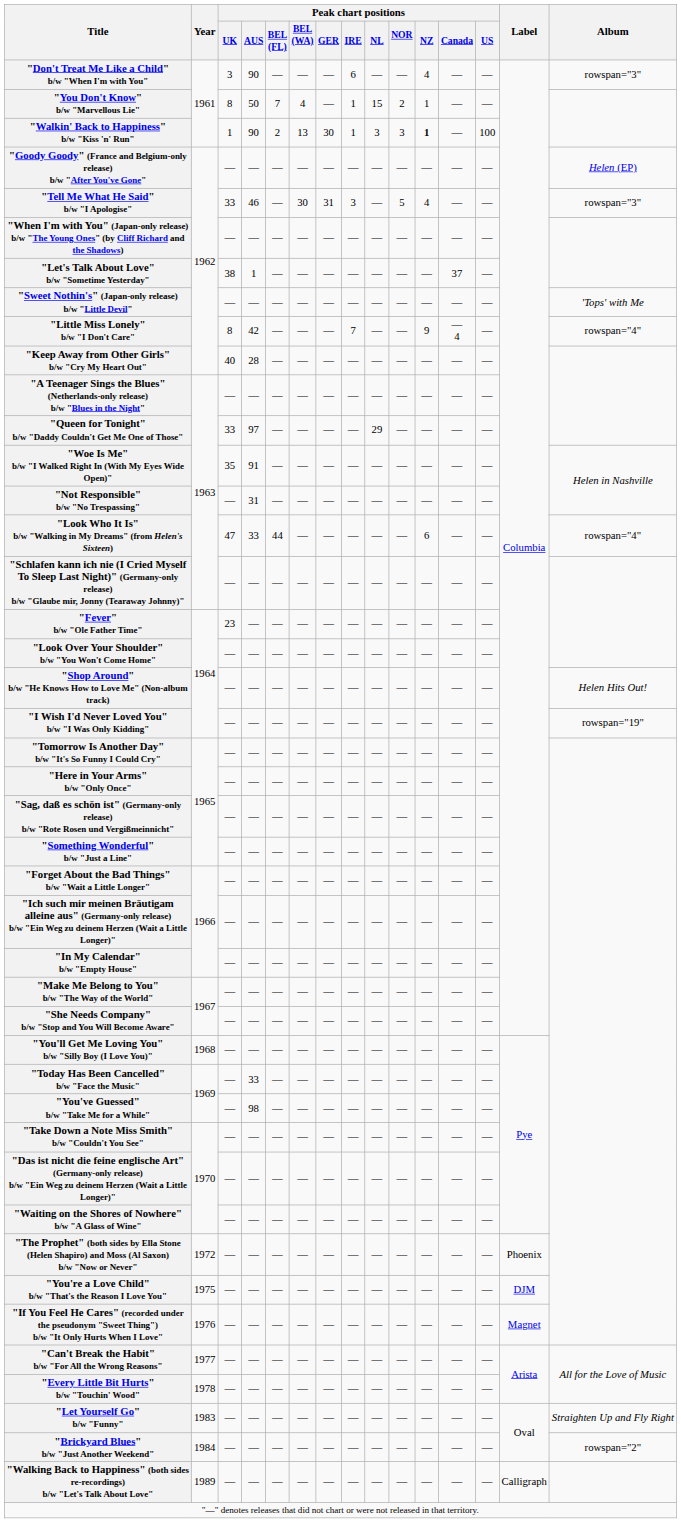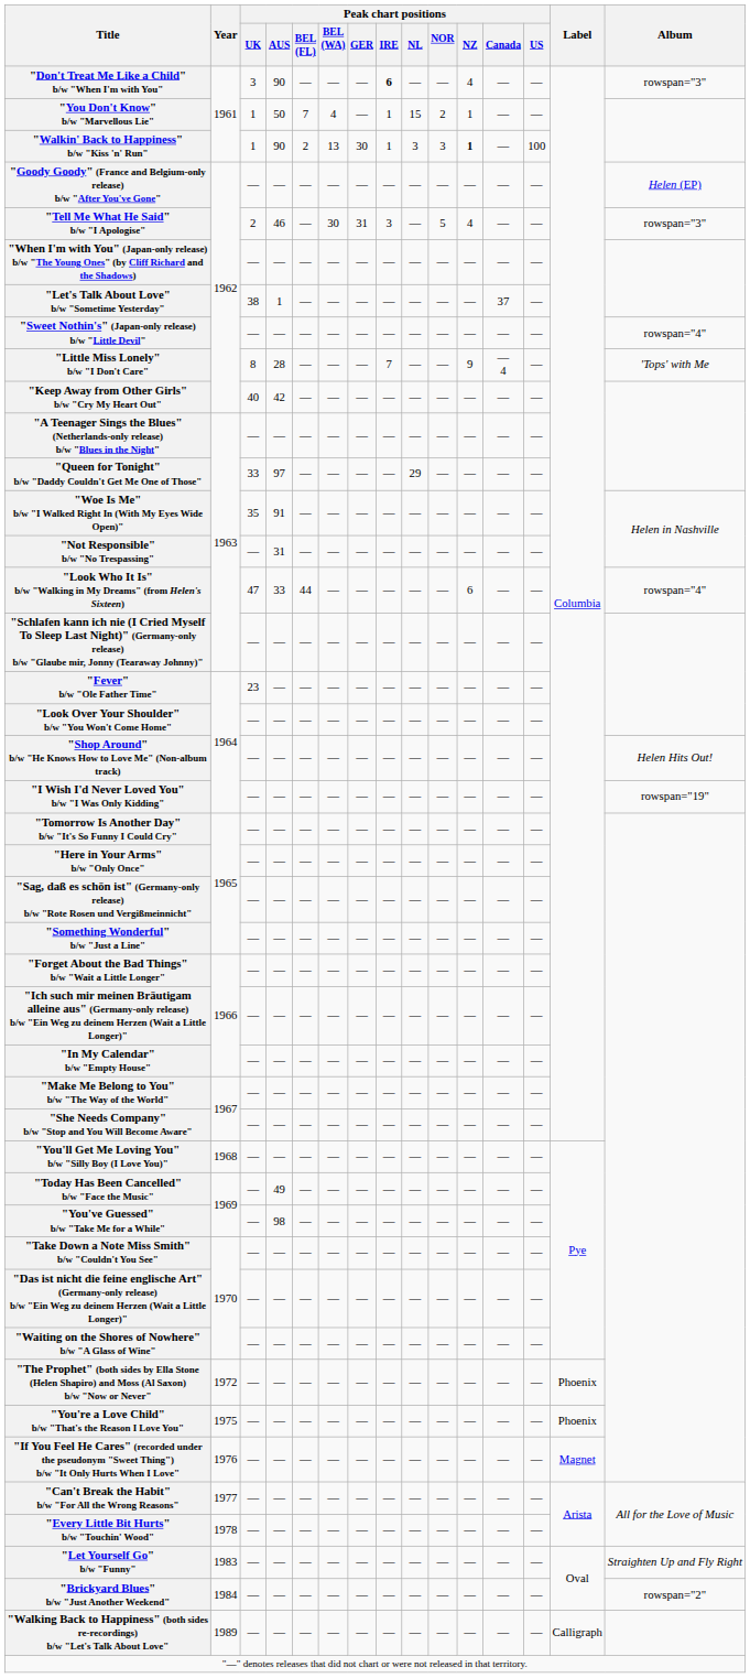 <table class="wikitable plainrowheaders" style="text-align:center;">
 <tr>
 <th scope="col" rowspan="2" style="width:17em;">Title</th>
 <th scope="col" rowspan="2" style="width:2em;">Year</th>
 <th colspan="11">Peak chart positions</th>
 <th rowspan="2">Label</th>
 <th rowspan="2">Album</th>
 </tr>
 <tr>
 <th scope="col" style="width:2em;font-size:90%;"><a href='#'>UK</a><br></th>
 <th scope="col" style="width:2em;font-size:90%;"><a href='#'>AUS</a><br></th>
 <th scope="col" style="width:2em;font-size:90%;"><a href='#'>BEL (FL)</a><br></th>
 <th scope="col" style="width:2em;font-size:90%;"><a href='#'>BEL (WA)</a><br><br></th>
 <th scope="col" style="width:2em;font-size:90%;"><a href='#'>GER</a><br></th>
 <th scope="col" style="width:2em;font-size:90%;"><a href='#'>IRE</a><br></th>
 <th scope="col" style="width:2em;font-size:90%;"><a href='#'>NL</a><br></th>
 <th scope="col" style="width:2em;font-size:90%;"><a href='#'>NOR</a><br><br></th>
 <th scope="col" style="width:2em;font-size:90%;"><a href='#'>NZ</a><br></th>
 <th scope="col" style="width:2em;font-size:90%;"><a href='#'>Canada</a><br></th>
 <th scope="col" style="width:2em;font-size:90%;"><a href='#'>US</a><br></th>
 </tr>
 <tr>
 <th scope="row">"<a href='#'>Don't Treat Me Like a Child</a>"<br><small>b/w "When I'm with You"</small></th>
 <td rowspan="3">1961</td>
 <td>3</td>
 <td>90</td>
 <td>—</td>
 <td>—</td>
 <td>—</td>
-<td>6</td>
+<td><strong>6</strong></td>
 <td>—</td>
 <td>—</td>
 <td>4</td>
 <td>—</td>
 <td>—</td>
 <td rowspan="29"><a href='#'>Columbia</a></td>
 <td>rowspan="3" </td>
 </tr>
 <tr>
 <th scope="row">"<a href='#'>You Don't Know</a>"<br><small>b/w "Marvellous Lie"</small></th>
-<td>8</td>
+<td>1</td>
 <td>50</td>
 <td>7</td>
 <td>4</td>
 <td>—</td>
 <td>1</td>
 <td>15</td>
 <td>2</td>
 <td>1</td>
 <td>—</td>
 <td>—</td>
 </tr>
 <tr>
 <th scope="row">"<a href='#'>Walkin' Back to Happiness</a>"<br><small>b/w "Kiss 'n' Run"</small></th>
 <td>1</td>
 <td>90</td>
 <td>2</td>
 <td>13</td>
 <td>30</td>
 <td>1</td>
 <td>3</td>
 <td>3</td>
 <td><strong>1</strong></td>
 <td>—</td>
 <td>100</td>
 </tr>
 <tr>
 <th scope="row">"<a href='#'>Goody Goody</a>" <small>(France and Belgium-only release)</small><br><small>b/w "<a href='#'>After You've Gone</a>"</small></th>
 <td rowspan="7">1962</td>
 <td>—</td>
 <td>—</td>
 <td>—</td>
 <td>—</td>
 <td>—</td>
 <td>—</td>
 <td>—</td>
 <td>—</td>
 <td>—</td>
 <td>—</td>
 <td>—</td>
 <td><a href='#'><em>Helen</em> (EP)</a></td>
 </tr>
 <tr>
 <th scope="row">"<a href='#'>Tell Me What He Said</a>"<br><small>b/w "I Apologise"</small></th>
-<td>33</td>
+<td>2</td>
 <td>46</td>
 <td>—</td>
 <td>30</td>
 <td>31</td>
 <td>3</td>
 <td>—</td>
 <td>5</td>
 <td>4</td>
 <td>—</td>
 <td>—</td>
 <td>rowspan="3" </td>
 </tr>
 <tr>
 <th scope="row">"When I'm with You" <small>(Japan-only release)</small><br><small>b/w "<a href='#'>The Young Ones</a>" (by <a href='#'>Cliff Richard</a> and <a href='#'>the Shadows</a>)</small></th>
 <td>—</td>
 <td>—</td>
 <td>—</td>
 <td>—</td>
 <td>—</td>
 <td>—</td>
 <td>—</td>
 <td>—</td>
 <td>—</td>
 <td>—</td>
 <td>—</td>
 </tr>
 <tr>
 <th scope="row">"Let's Talk About Love"<br><small>b/w "Sometime Yesterday"</small></th>
 <td>38</td>
 <td>1</td>
 <td>—</td>
 <td>—</td>
 <td>—</td>
 <td>—</td>
 <td>—</td>
 <td>—</td>
 <td>—</td>
 <td>37</td>
 <td>—</td>
 </tr>
 <tr>
 <th scope="row">"<a href='#'>Sweet Nothin's</a>" <small>(Japan-only release)</small><br><small>b/w "<a href='#'>Little Devil</a>"</small></th>
 <td>—</td>
 <td>—</td>
 <td>—</td>
 <td>—</td>
 <td>—</td>
 <td>—</td>
 <td>—</td>
 <td>—</td>
 <td>—</td>
 <td>—</td>
 <td>—</td>
-<td><em>'Tops' with Me</em></td>
+<td>rowspan="4" </td>
 </tr>
 <tr>
 <th scope="row">"Little Miss Lonely"<br><small>b/w "I Don't Care"</small></th>
 <td>8</td>
-<td>42</td>
+<td>28</td>
 <td>—</td>
 <td>—</td>
 <td>—</td>
 <td>7</td>
 <td>—</td>
 <td>—</td>
 <td>9</td>
 <td>—<br>4</td>
 <td>—</td>
-<td>rowspan="4" </td>
+<td><em>'Tops' with Me</em></td>
 </tr>
 <tr>
 <th scope="row">"Keep Away from Other Girls"<br><small>b/w "Cry My Heart Out"</small></th>
 <td>40</td>
-<td>28</td>
+<td>42</td>
 <td>—</td>
 <td>—</td>
 <td>—</td>
 <td>—</td>
 <td>—</td>
 <td>—</td>
 <td>—</td>
 <td>—</td>
 <td>—</td>
 </tr>
 <tr>
 <th scope="row">"A Teenager Sings the Blues" <small>(Netherlands-only release)</small><br><small>b/w "<a href='#'>Blues in the Night</a>"</small></th>
 <td rowspan="6">1963</td>
 <td>—</td>
 <td>—</td>
 <td>—</td>
 <td>—</td>
 <td>—</td>
 <td>—</td>
 <td>—</td>
 <td>—</td>
 <td>—</td>
 <td>—</td>
 <td>—</td>
 </tr>
 <tr>
 <th scope="row">"Queen for Tonight"<br><small>b/w "Daddy Couldn't Get Me One of Those"</small></th>
 <td>33</td>
 <td>97</td>
 <td>—</td>
 <td>—</td>
 <td>—</td>
 <td>—</td>
 <td>29</td>
 <td>—</td>
 <td>—</td>
 <td>—</td>
 <td>—</td>
 </tr>
 <tr>
 <th scope="row">"Woe Is Me"<br><small>b/w "I Walked Right In (With My Eyes Wide Open)"</small></th>
 <td>35</td>
 <td>91</td>
 <td>—</td>
 <td>—</td>
 <td>—</td>
 <td>—</td>
 <td>—</td>
 <td>—</td>
 <td>—</td>
 <td>—</td>
 <td>—</td>
 <td rowspan="2"><em>Helen in Nashville</em></td>
 </tr>
 <tr>
 <th scope="row">"Not Responsible"<br><small>b/w "No Trespassing"</small></th>
 <td>—</td>
 <td>31</td>
 <td>—</td>
 <td>—</td>
 <td>—</td>
 <td>—</td>
 <td>—</td>
 <td>—</td>
 <td>—</td>
 <td>—</td>
 <td>—</td>
 </tr>
 <tr>
 <th scope="row">"Look Who It Is"<br><small>b/w "Walking in My Dreams" (from <em>Helen's Sixteen</em>)</small></th>
 <td>47</td>
 <td>33</td>
 <td>44</td>
 <td>—</td>
 <td>—</td>
 <td>—</td>
 <td>—</td>
 <td>—</td>
 <td>6</td>
 <td>—</td>
 <td>—</td>
 <td>rowspan="4" </td>
 </tr>
 <tr>
 <th scope="row">"Schlafen kann ich nie (I Cried Myself To Sleep Last Night)" <small>(Germany-only release)</small><br><small>b/w "Glaube mir, Jonny (Tearaway Johnny)"</small></th>
 <td>—</td>
 <td>—</td>
 <td>—</td>
 <td>—</td>
 <td>—</td>
 <td>—</td>
 <td>—</td>
 <td>—</td>
 <td>—</td>
 <td>—</td>
 <td>—</td>
 </tr>
 <tr>
 <th scope="row">"<a href='#'>Fever</a>"<br><small>b/w "Ole Father Time"</small></th>
 <td rowspan="4">1964</td>
 <td>23</td>
 <td>—</td>
 <td>—</td>
 <td>—</td>
 <td>—</td>
 <td>—</td>
 <td>—</td>
 <td>—</td>
 <td>—</td>
 <td>—</td>
 <td>—</td>
 </tr>
 <tr>
 <th scope="row">"Look Over Your Shoulder"<br><small>b/w "You Won't Come Home"</small></th>
 <td>—</td>
 <td>—</td>
 <td>—</td>
 <td>—</td>
 <td>—</td>
 <td>—</td>
 <td>—</td>
 <td>—</td>
 <td>—</td>
 <td>—</td>
 <td>—</td>
 </tr>
 <tr>
 <th scope="row">"<a href='#'>Shop Around</a>"<br><small>b/w "He Knows How to Love Me" (Non-album track)</small></th>
 <td>—</td>
 <td>—</td>
 <td>—</td>
 <td>—</td>
 <td>—</td>
 <td>—</td>
 <td>—</td>
 <td>—</td>
 <td>—</td>
 <td>—</td>
 <td>—</td>
 <td><em>Helen Hits Out!</em></td>
 </tr>
 <tr>
 <th scope="row">"I Wish I'd Never Loved You"<br><small>b/w "I Was Only Kidding"</small></th>
 <td>—</td>
 <td>—</td>
 <td>—</td>
 <td>—</td>
 <td>—</td>
 <td>—</td>
 <td>—</td>
 <td>—</td>
 <td>—</td>
 <td>—</td>
 <td>—</td>
 <td>rowspan="19" </td>
 </tr>
 <tr>
 <th scope="row">"Tomorrow Is Another Day"<br><small>b/w "It's So Funny I Could Cry"</small></th>
 <td rowspan="4">1965</td>
 <td>—</td>
 <td>—</td>
 <td>—</td>
 <td>—</td>
 <td>—</td>
 <td>—</td>
 <td>—</td>
 <td>—</td>
 <td>—</td>
 <td>—</td>
 <td>—</td>
 </tr>
 <tr>
 <th scope="row">"Here in Your Arms"<br><small>b/w "Only Once"</small></th>
 <td>—</td>
 <td>—</td>
 <td>—</td>
 <td>—</td>
 <td>—</td>
 <td>—</td>
 <td>—</td>
 <td>—</td>
 <td>—</td>
 <td>—</td>
 <td>—</td>
 </tr>
 <tr>
 <th scope="row">"Sag, daß es schön ist" <small>(Germany-only release)</small><br><small>b/w "Rote Rosen und Vergißmeinnicht"</small></th>
 <td>—</td>
 <td>—</td>
 <td>—</td>
 <td>—</td>
 <td>—</td>
 <td>—</td>
 <td>—</td>
 <td>—</td>
 <td>—</td>
 <td>—</td>
 <td>—</td>
 </tr>
 <tr>
 <th scope="row">"<a href='#'>Something Wonderful</a>"<br><small>b/w "Just a Line"</small></th>
 <td>—</td>
 <td>—</td>
 <td>—</td>
 <td>—</td>
 <td>—</td>
 <td>—</td>
 <td>—</td>
 <td>—</td>
 <td>—</td>
 <td>—</td>
 <td>—</td>
 </tr>
 <tr>
 <th scope="row">"Forget About the Bad Things"<br><small>b/w "Wait a Little Longer"</small></th>
 <td rowspan="3">1966</td>
 <td>—</td>
 <td>—</td>
 <td>—</td>
 <td>—</td>
 <td>—</td>
 <td>—</td>
 <td>—</td>
 <td>—</td>
 <td>—</td>
 <td>—</td>
 <td>—</td>
 </tr>
 <tr>
 <th scope="row">"Ich such mir meinen Bräutigam alleine aus" <small>(Germany-only release)</small><br><small>b/w "Ein Weg zu deinem Herzen (Wait a Little Longer)"</small></th>
 <td>—</td>
 <td>—</td>
 <td>—</td>
 <td>—</td>
 <td>—</td>
 <td>—</td>
 <td>—</td>
 <td>—</td>
 <td>—</td>
 <td>—</td>
 <td>—</td>
 </tr>
 <tr>
 <th scope="row">"In My Calendar"<br><small>b/w "Empty House"</small></th>
 <td>—</td>
 <td>—</td>
 <td>—</td>
 <td>—</td>
 <td>—</td>
 <td>—</td>
 <td>—</td>
 <td>—</td>
 <td>—</td>
 <td>—</td>
 <td>—</td>
 </tr>
 <tr>
 <th scope="row">"Make Me Belong to You"<br><small>b/w "The Way of the World"</small></th>
 <td rowspan="2">1967</td>
 <td>—</td>
 <td>—</td>
 <td>—</td>
 <td>—</td>
 <td>—</td>
 <td>—</td>
 <td>—</td>
 <td>—</td>
 <td>—</td>
 <td>—</td>
 <td>—</td>
 </tr>
 <tr>
 <th scope="row">"She Needs Company"<br><small>b/w "Stop and You Will Become Aware"</small></th>
 <td>—</td>
 <td>—</td>
 <td>—</td>
 <td>—</td>
 <td>—</td>
 <td>—</td>
 <td>—</td>
 <td>—</td>
 <td>—</td>
 <td>—</td>
 <td>—</td>
 </tr>
 <tr>
 <th scope="row">"You'll Get Me Loving You"<br><small>b/w "Silly Boy (I Love You)"</small></th>
 <td>1968</td>
 <td>—</td>
 <td>—</td>
 <td>—</td>
 <td>—</td>
 <td>—</td>
 <td>—</td>
 <td>—</td>
 <td>—</td>
 <td>—</td>
 <td>—</td>
 <td>—</td>
 <td rowspan="6"><a href='#'>Pye</a></td>
 </tr>
 <tr>
 <th scope="row">"Today Has Been Cancelled"<br><small>b/w "Face the Music"</small></th>
 <td rowspan="2">1969</td>
 <td>—</td>
-<td>33</td>
+<td>49</td>
 <td>—</td>
 <td>—</td>
 <td>—</td>
 <td>—</td>
 <td>—</td>
 <td>—</td>
 <td>—</td>
 <td>—</td>
 <td>—</td>
 </tr>
 <tr>
 <th scope="row">"You've Guessed"<br><small>b/w "Take Me for a While"</small></th>
 <td>—</td>
 <td>98</td>
 <td>—</td>
 <td>—</td>
 <td>—</td>
 <td>—</td>
 <td>—</td>
 <td>—</td>
 <td>—</td>
 <td>—</td>
 <td>—</td>
 </tr>
 <tr>
 <th scope="row">"Take Down a Note Miss Smith"<br><small>b/w "Couldn't You See"</small></th>
 <td rowspan="3">1970</td>
 <td>—</td>
 <td>—</td>
 <td>—</td>
 <td>—</td>
 <td>—</td>
 <td>—</td>
 <td>—</td>
 <td>—</td>
 <td>—</td>
 <td>—</td>
 <td>—</td>
 </tr>
 <tr>
 <th scope="row">"Das ist nicht die feine englische Art" <small>(Germany-only release)</small><br><small>b/w "Ein Weg zu deinem Herzen (Wait a Little Longer)"</small></th>
 <td>—</td>
 <td>—</td>
 <td>—</td>
 <td>—</td>
 <td>—</td>
 <td>—</td>
 <td>—</td>
 <td>—</td>
 <td>—</td>
 <td>—</td>
 <td>—</td>
 </tr>
 <tr>
 <th scope="row">"Waiting on the Shores of Nowhere"<br><small>b/w "A Glass of Wine"</small></th>
 <td>—</td>
 <td>—</td>
 <td>—</td>
 <td>—</td>
 <td>—</td>
 <td>—</td>
 <td>—</td>
 <td>—</td>
 <td>—</td>
 <td>—</td>
 <td>—</td>
 </tr>
 <tr>
 <th scope="row">"The Prophet" <small>(both sides by Ella Stone (Helen Shapiro) and Moss (Al Saxon)</small><br><small>b/w "Now or Never"</small></th>
 <td>1972</td>
 <td>—</td>
 <td>—</td>
 <td>—</td>
 <td>—</td>
 <td>—</td>
 <td>—</td>
 <td>—</td>
 <td>—</td>
 <td>—</td>
 <td>—</td>
 <td>—</td>
 <td>Phoenix</td>
 </tr>
 <tr>
 <th scope="row">"You're a Love Child"<br><small>b/w "That's the Reason I Love You"</small></th>
 <td>1975</td>
 <td>—</td>
 <td>—</td>
 <td>—</td>
 <td>—</td>
 <td>—</td>
 <td>—</td>
 <td>—</td>
 <td>—</td>
 <td>—</td>
 <td>—</td>
 <td>—</td>
-<td><a href='#'>DJM</a></td>
+<td>Phoenix</td>
 </tr>
 <tr>
 <th scope="row">"If You Feel He Cares" <small>(recorded under the pseudonym "Sweet Thing")</small><br><small>b/w "It Only Hurts When I Love"</small></th>
 <td>1976</td>
 <td>—</td>
 <td>—</td>
 <td>—</td>
 <td>—</td>
 <td>—</td>
 <td>—</td>
 <td>—</td>
 <td>—</td>
 <td>—</td>
 <td>—</td>
 <td>—</td>
 <td><a href='#'>Magnet</a></td>
 </tr>
 <tr>
 <th scope="row">"Can't Break the Habit"<br><small>b/w "For All the Wrong Reasons"</small></th>
 <td>1977</td>
 <td>—</td>
 <td>—</td>
 <td>—</td>
 <td>—</td>
 <td>—</td>
 <td>—</td>
 <td>—</td>
 <td>—</td>
 <td>—</td>
 <td>—</td>
 <td>—</td>
 <td rowspan="2"><a href='#'>Arista</a></td>
 <td rowspan="2"><em>All for the Love of Music</em></td>
 </tr>
 <tr>
 <th scope="row">"<a href='#'>Every Little Bit Hurts</a>"<br><small>b/w "Touchin' Wood"</small></th>
 <td>1978</td>
 <td>—</td>
 <td>—</td>
 <td>—</td>
 <td>—</td>
 <td>—</td>
 <td>—</td>
 <td>—</td>
 <td>—</td>
 <td>—</td>
 <td>—</td>
 <td>—</td>
 </tr>
 <tr>
 <th scope="row">"<a href='#'>Let Yourself Go</a>"<br><small>b/w "Funny"</small></th>
 <td>1983</td>
 <td>—</td>
 <td>—</td>
 <td>—</td>
 <td>—</td>
 <td>—</td>
 <td>—</td>
 <td>—</td>
 <td>—</td>
 <td>—</td>
 <td>—</td>
 <td>—</td>
 <td rowspan="2">Oval</td>
 <td><em>Straighten Up and Fly Right</em></td>
 </tr>
 <tr>
 <th scope="row">"<a href='#'>Brickyard Blues</a>"<br><small>b/w "Just Another Weekend"</small></th>
 <td>1984</td>
 <td>—</td>
 <td>—</td>
 <td>—</td>
 <td>—</td>
 <td>—</td>
 <td>—</td>
 <td>—</td>
 <td>—</td>
 <td>—</td>
 <td>—</td>
 <td>—</td>
 <td>rowspan="2" </td>
 </tr>
 <tr>
 <th scope="row">"Walking Back to Happiness" <small>(both sides re-recordings)</small><br><small>b/w "Let's Talk About Love"</small></th>
 <td>1989</td>
 <td>—</td>
 <td>—</td>
 <td>—</td>
 <td>—</td>
 <td>—</td>
 <td>—</td>
 <td>—</td>
 <td>—</td>
 <td>—</td>
 <td>—</td>
 <td>—</td>
 <td>Calligraph</td>
 </tr>
 <tr>
 <td colspan="15" style="font-size:85%">"—" denotes releases that did not chart or were not released in that territory.</td>
 </tr>
 </table>
